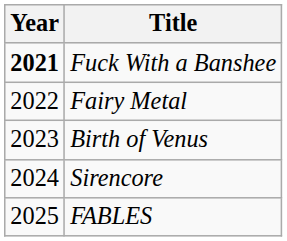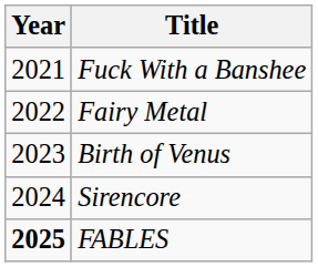 <table class="wikitable">
 <tr>
 <th>Year</th>
 <th>Title</th>
 </tr>
 <tr>
-<td><strong>2021</strong></td>
+<td>2021</td>
 <td><em>Fuck With a Banshee</em></td>
 </tr>
 <tr>
 <td>2022</td>
 <td><em>Fairy Metal</em></td>
 </tr>
 <tr>
 <td>2023</td>
 <td><em>Birth of Venus</em></td>
 </tr>
 <tr>
 <td>2024</td>
 <td><em>Sirencore</em></td>
 </tr>
 <tr>
-<td>2025</td>
+<td><strong>2025</strong></td>
 <td><em>FABLES</em></td>
 </tr>
 </table>
